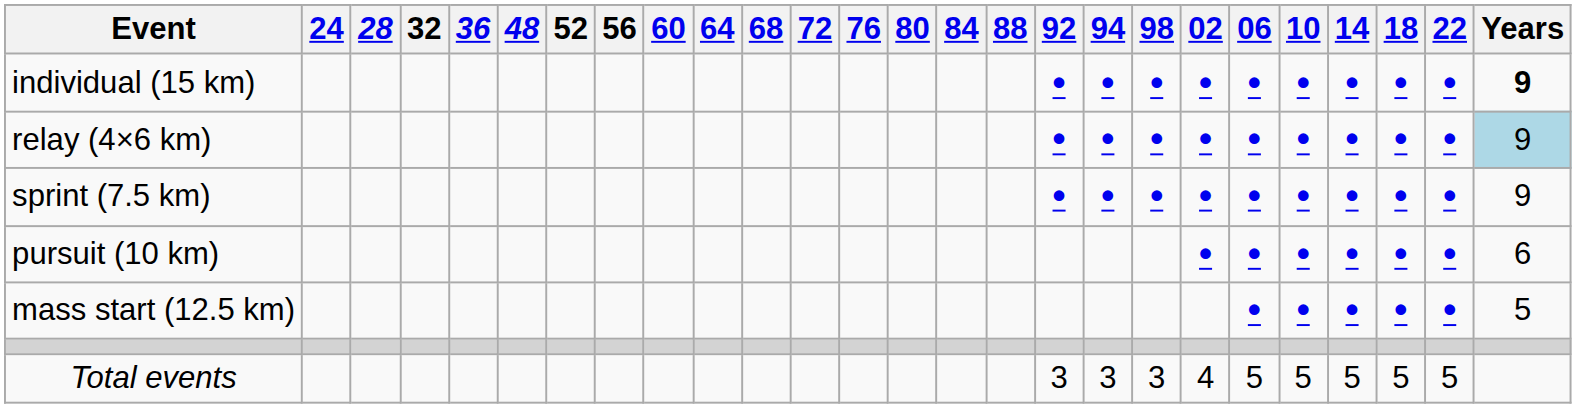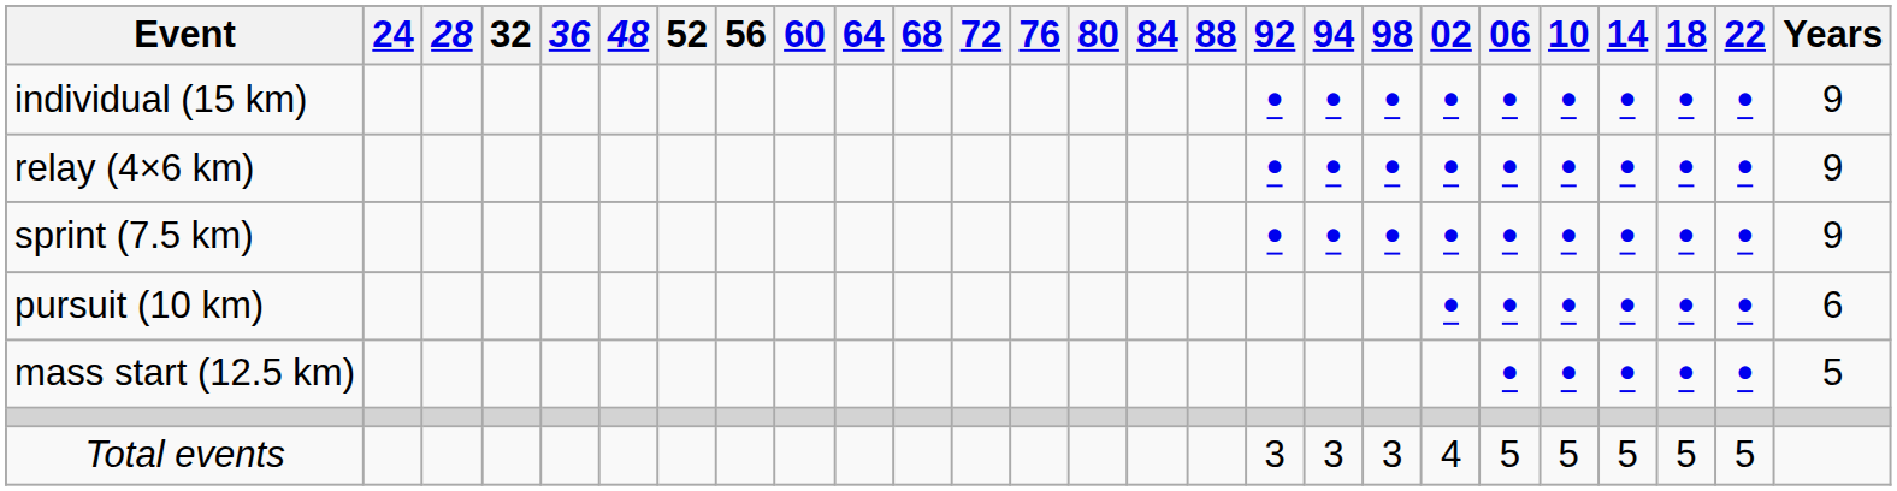 <table class="wikitable" style="text-align:center">
 <tr>
 <th>Event</th>
 <th><a href='#'>24</a></th>
 <th><em><a href='#'>28</a></em></th>
 <th>32</th>
 <th><em><a href='#'>36</a></em></th>
 <th><em><a href='#'>48</a></em></th>
 <th>52</th>
 <th>56</th>
 <th><a href='#'>60</a></th>
 <th><a href='#'>64</a></th>
 <th><a href='#'>68</a></th>
 <th><a href='#'>72</a></th>
 <th><a href='#'>76</a></th>
 <th><a href='#'>80</a></th>
 <th><a href='#'>84</a></th>
 <th><a href='#'>88</a></th>
 <th><a href='#'>92</a></th>
 <th><a href='#'>94</a></th>
 <th><a href='#'>98</a></th>
 <th><a href='#'>02</a></th>
 <th><a href='#'>06</a></th>
 <th><a href='#'>10</a></th>
 <th><a href='#'>14</a></th>
 <th><a href='#'>18</a></th>
 <th><a href='#'>22</a></th>
 <th>Years</th>
 </tr>
 <tr>
 <td align=left>individual (15 km)</td>
 <td></td>
 <td></td>
 <td></td>
 <td></td>
 <td></td>
 <td></td>
 <td></td>
 <td></td>
 <td></td>
 <td></td>
 <td></td>
 <td></td>
 <td></td>
 <td></td>
 <td></td>
 <td><big><strong><a href='#'>•</a></strong></big></td>
 <td><big><strong><a href='#'>•</a></strong></big></td>
 <td><big><strong><a href='#'>•</a></strong></big></td>
 <td><big><strong><a href='#'>•</a></strong></big></td>
 <td><big><strong><a href='#'>•</a></strong></big></td>
 <td><big><strong><a href='#'>•</a></strong></big></td>
 <td><big><strong><a href='#'>•</a></strong></big></td>
 <td><big><strong><a href='#'>•</a></strong></big></td>
 <td><big><strong><a href='#'>•</a></strong></big></td>
-<td><strong>9</strong></td>
+<td>9</td>
 </tr>
 <tr>
 <td align=left>relay (4×6 km) </td>
 <td></td>
 <td></td>
 <td></td>
 <td></td>
 <td></td>
 <td></td>
 <td></td>
 <td></td>
 <td></td>
 <td></td>
 <td></td>
 <td></td>
 <td></td>
 <td></td>
 <td></td>
 <td><big><strong><a href='#'>•</a></strong></big></td>
 <td><big><strong><a href='#'>•</a></strong></big></td>
 <td><big><strong><a href='#'>•</a></strong></big></td>
 <td><big><strong><a href='#'>•</a></strong></big></td>
 <td><big><strong><a href='#'>•</a></strong></big></td>
 <td><big><strong><a href='#'>•</a></strong></big></td>
 <td><big><strong><a href='#'>•</a></strong></big></td>
 <td><big><strong><a href='#'>•</a></strong></big></td>
 <td><big><strong><a href='#'>•</a></strong></big></td>
-<td style="background: lightblue;">9</td>
+<td>9</td>
 </tr>
 <tr>
 <td align=left>sprint (7.5 km)</td>
 <td></td>
 <td></td>
 <td></td>
 <td></td>
 <td></td>
 <td></td>
 <td></td>
 <td></td>
 <td></td>
 <td></td>
 <td></td>
 <td></td>
 <td></td>
 <td></td>
 <td></td>
 <td><big><strong><a href='#'>•</a></strong></big></td>
 <td><big><strong><a href='#'>•</a></strong></big></td>
 <td><big><strong><a href='#'>•</a></strong></big></td>
 <td><big><strong><a href='#'>•</a></strong></big></td>
 <td><big><strong><a href='#'>•</a></strong></big></td>
 <td><big><strong><a href='#'>•</a></strong></big></td>
 <td><big><strong><a href='#'>•</a></strong></big></td>
 <td><big><strong><a href='#'>•</a></strong></big></td>
 <td><big><strong><a href='#'>•</a></strong></big></td>
 <td>9</td>
 </tr>
 <tr>
 <td align=left>pursuit (10 km)</td>
 <td></td>
 <td></td>
 <td></td>
 <td></td>
 <td></td>
 <td></td>
 <td></td>
 <td></td>
 <td></td>
 <td></td>
 <td></td>
 <td></td>
 <td></td>
 <td></td>
 <td></td>
 <td></td>
 <td></td>
 <td></td>
 <td><big><strong><a href='#'>•</a></strong></big></td>
 <td><big><strong><a href='#'>•</a></strong></big></td>
 <td><big><strong><a href='#'>•</a></strong></big></td>
 <td><big><strong><a href='#'>•</a></strong></big></td>
 <td><big><strong><a href='#'>•</a></strong></big></td>
 <td><big><strong><a href='#'>•</a></strong></big></td>
 <td>6</td>
 </tr>
 <tr>
 <td align=left>mass start (12.5 km)</td>
 <td></td>
 <td></td>
 <td></td>
 <td></td>
 <td></td>
 <td></td>
 <td></td>
 <td></td>
 <td></td>
 <td></td>
 <td></td>
 <td></td>
 <td></td>
 <td></td>
 <td></td>
 <td></td>
 <td></td>
 <td></td>
 <td></td>
 <td><big><strong><a href='#'>•</a></strong></big></td>
 <td><big><strong><a href='#'>•</a></strong></big></td>
 <td><big><strong><a href='#'>•</a></strong></big></td>
 <td><big><strong><a href='#'>•</a></strong></big></td>
 <td><big><strong><a href='#'>•</a></strong></big></td>
 <td>5</td>
 </tr>
 <tr bgcolor=lightgray>
 <td></td>
 <td></td>
 <td></td>
 <td></td>
 <td></td>
 <td></td>
 <td></td>
 <td></td>
 <td></td>
 <td></td>
 <td></td>
 <td></td>
 <td></td>
 <td></td>
 <td></td>
 <td></td>
 <td></td>
 <td></td>
 <td></td>
 <td></td>
 <td></td>
 <td></td>
 <td></td>
 <td></td>
 <td></td>
 <td></td>
 </tr>
 <tr align=center>
 <td><em>Total events</em></td>
 <td></td>
 <td></td>
 <td></td>
 <td></td>
 <td></td>
 <td></td>
 <td></td>
 <td></td>
 <td></td>
 <td></td>
 <td></td>
 <td></td>
 <td></td>
 <td></td>
 <td></td>
 <td>3</td>
 <td>3</td>
 <td>3</td>
 <td>4</td>
 <td>5</td>
 <td>5</td>
 <td>5</td>
 <td>5</td>
 <td>5</td>
 </tr>
 </table>
